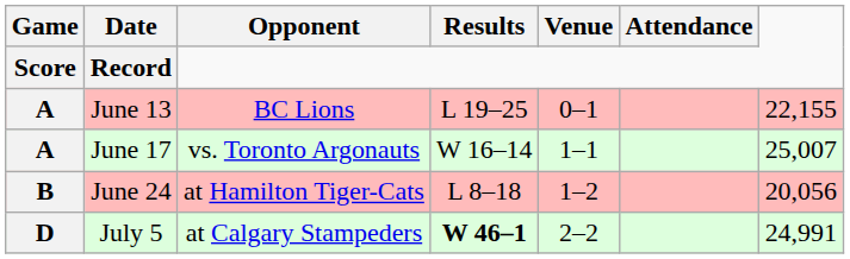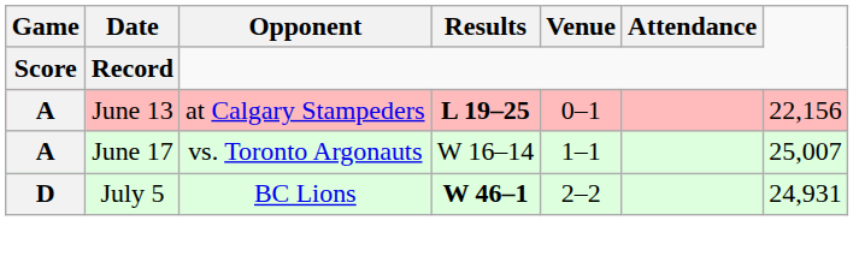 <table class="wikitable" style="text-align:center">
 <tr>
 <th>Game</th>
 <th>Date</th>
 <th>Opponent</th>
 <th>Results</th>
 <th>Venue</th>
 <th>Attendance</th>
 </tr>
 <tr>
 <th>Score</th>
 <th>Record</th>
 </tr>
 <tr style="background:#ffbbbb">
 <th>A</th>
 <td>June 13</td>
-<td><a href='#'>BC Lions</a></td>
-<td>L 19–25</td>
+<td>at <a href='#'>Calgary Stampeders</a></td>
+<td><strong>L 19–25</strong></td>
 <td>0–1</td>
 <td></td>
-<td>22,155</td>
+<td>22,156</td>
 </tr>
 <tr style="background:#ddffdd">
 <th>A</th>
 <td>June 17</td>
 <td>vs. <a href='#'>Toronto Argonauts</a></td>
 <td>W 16–14</td>
 <td>1–1</td>
 <td></td>
 <td>25,007</td>
 </tr>
-<tr style="background:#ffbbbb">
-<th>B</th>
-<td>June 24</td>
-<td>at <a href='#'>Hamilton Tiger-Cats</a></td>
-<td>L 8–18</td>
-<td>1–2</td>
-<td></td>
-<td>20,056</td>
-</tr>
 <tr style="background:#ddffdd">
 <th>D</th>
 <td>July 5</td>
-<td>at <a href='#'>Calgary Stampeders</a></td>
+<td><a href='#'>BC Lions</a></td>
 <td><strong>W 46–1</strong></td>
 <td>2–2</td>
 <td></td>
-<td>24,991</td>
+<td>24,931</td>
 </tr>
 </table>
